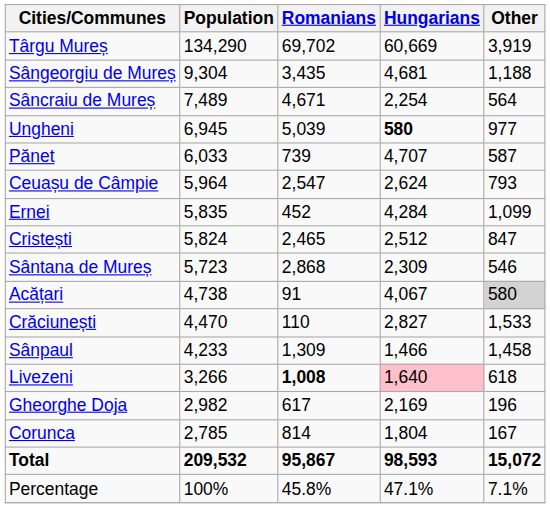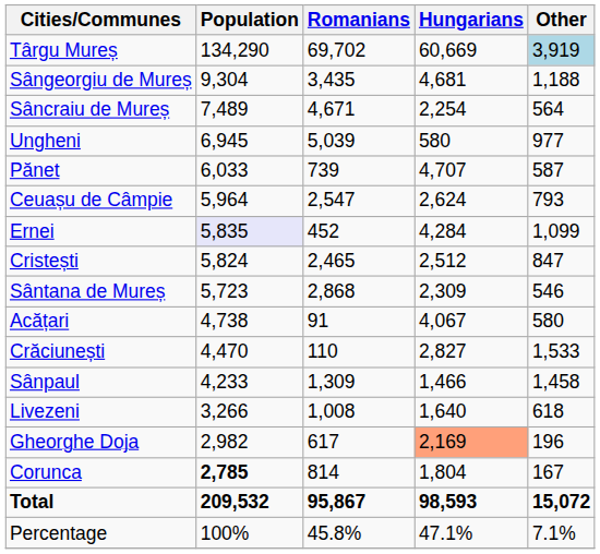 <table class="wikitable sortable toccolours" style="margin:auto;">
 <tr>
 <th>Cities/Communes</th>
 <th>Population</th>
 <th><a href='#'>Romanians</a></th>
 <th><a href='#'>Hungarians</a></th>
 <th>Other</th>
 </tr>
 <tr>
 <td><a href='#'>Târgu Mureș</a></td>
 <td>134,290</td>
 <td>69,702</td>
 <td>60,669</td>
-<td>3,919</td>
+<td style="background: lightblue;">3,919</td>
 </tr>
 <tr>
 <td><a href='#'>Sângeorgiu de Mureș</a></td>
 <td>9,304</td>
 <td>3,435</td>
 <td>4,681</td>
 <td>1,188</td>
 </tr>
 <tr>
 <td><a href='#'>Sâncraiu de Mureș</a></td>
 <td>7,489</td>
 <td>4,671</td>
 <td>2,254</td>
 <td>564</td>
 </tr>
 <tr>
 <td><a href='#'>Ungheni</a></td>
 <td>6,945</td>
 <td>5,039</td>
-<td><strong>580</strong></td>
+<td>580</td>
 <td>977</td>
 </tr>
 <tr>
 <td><a href='#'>Pănet</a></td>
 <td>6,033</td>
 <td>739</td>
 <td>4,707</td>
 <td>587</td>
 </tr>
 <tr>
 <td><a href='#'>Ceuașu de Câmpie</a></td>
 <td>5,964</td>
 <td>2,547</td>
 <td>2,624</td>
 <td>793</td>
 </tr>
 <tr>
 <td><a href='#'>Ernei</a></td>
-<td>5,835</td>
+<td style="background: lavender;">5,835</td>
 <td>452</td>
 <td>4,284</td>
 <td>1,099</td>
 </tr>
 <tr>
 <td><a href='#'>Cristești</a></td>
 <td>5,824</td>
 <td>2,465</td>
 <td>2,512</td>
 <td>847</td>
 </tr>
 <tr>
 <td><a href='#'>Sântana de Mureș</a></td>
 <td>5,723</td>
 <td>2,868</td>
 <td>2,309</td>
 <td>546</td>
 </tr>
 <tr>
 <td><a href='#'>Acățari</a></td>
 <td>4,738</td>
 <td>91</td>
 <td>4,067</td>
-<td style="background: lightgrey;">580</td>
+<td>580</td>
 </tr>
 <tr>
 <td><a href='#'>Crăciunești</a></td>
 <td>4,470</td>
 <td>110</td>
 <td>2,827</td>
 <td>1,533</td>
 </tr>
 <tr>
 <td><a href='#'>Sânpaul</a></td>
 <td>4,233</td>
 <td>1,309</td>
 <td>1,466</td>
 <td>1,458</td>
 </tr>
 <tr>
 <td><a href='#'>Livezeni</a></td>
 <td>3,266</td>
-<td><strong>1,008</strong></td>
-<td style="background: pink;">1,640</td>
+<td>1,008</td>
+<td>1,640</td>
 <td>618</td>
 </tr>
 <tr>
 <td><a href='#'>Gheorghe Doja</a></td>
 <td>2,982</td>
 <td>617</td>
-<td>2,169</td>
+<td style="background: lightsalmon;">2,169</td>
 <td>196</td>
 </tr>
 <tr>
 <td><a href='#'>Corunca</a></td>
-<td>2,785</td>
+<td><strong>2,785</strong></td>
 <td>814</td>
 <td>1,804</td>
 <td>167</td>
 </tr>
 <tr>
 <td><strong>Total</strong></td>
 <td><strong>209,532</strong></td>
 <td><strong>95,867</strong></td>
 <td><strong>98,593</strong></td>
 <td><strong>15,072</strong></td>
 </tr>
 <tr>
 <td>Percentage</td>
 <td>100%</td>
 <td>45.8%</td>
 <td>47.1%</td>
 <td>7.1%</td>
 </tr>
 <tr>
 </tr>
 </table>
